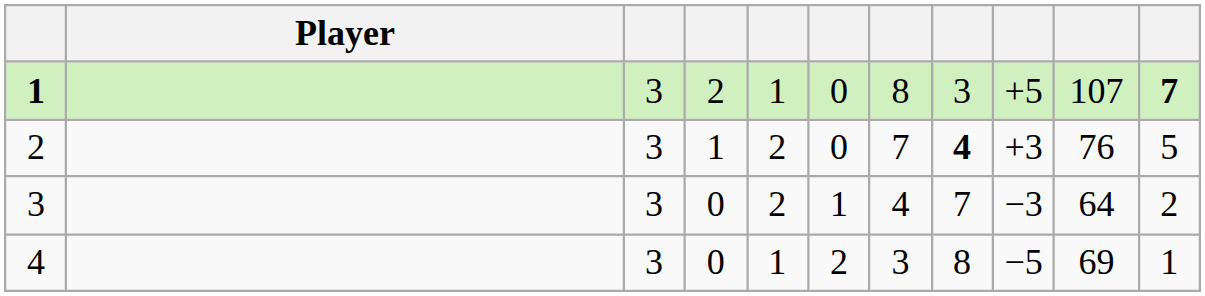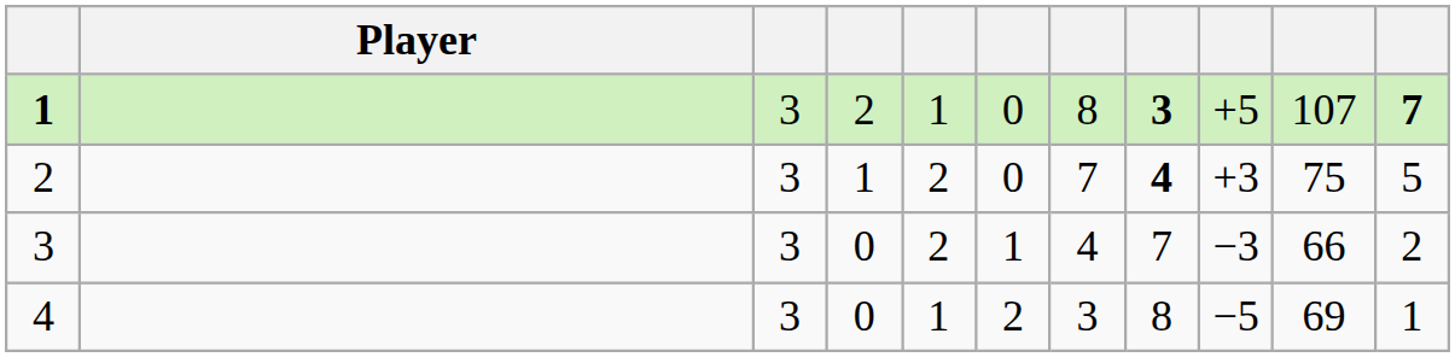 <table class="wikitable" style="text-align:center; margin: 1em auto 1em auto, align:left">
 <tr>
 <th width=20></th>
 <th width=240>Player</th>
 <th width=20></th>
 <th width=20></th>
 <th width=20></th>
 <th width=20></th>
 <th width=20></th>
 <th width=20></th>
 <th width=20></th>
 <th width=30></th>
 <th width=20></th>
 </tr>
 <tr style="background:#D0F0C0;">
 <td><strong>1</strong></td>
 <td align=left></td>
 <td>3</td>
 <td>2</td>
 <td>1</td>
 <td>0</td>
 <td>8</td>
-<td>3</td>
+<td><strong>3</strong></td>
 <td>+5</td>
 <td>107</td>
 <td><strong>7</strong></td>
 </tr>
 <tr style=>
 <td>2</td>
 <td align=left></td>
 <td>3</td>
 <td>1</td>
 <td>2</td>
 <td>0</td>
 <td>7</td>
 <td><strong>4</strong></td>
 <td>+3</td>
-<td>76</td>
+<td>75</td>
 <td>5</td>
 </tr>
 <tr style=>
 <td>3</td>
 <td align=left></td>
 <td>3</td>
 <td>0</td>
 <td>2</td>
 <td>1</td>
 <td>4</td>
 <td>7</td>
 <td>−3</td>
-<td>64</td>
+<td>66</td>
 <td>2</td>
 </tr>
 <tr style=>
 <td>4</td>
 <td align=left></td>
 <td>3</td>
 <td>0</td>
 <td>1</td>
 <td>2</td>
 <td>3</td>
 <td>8</td>
 <td>−5</td>
 <td>69</td>
 <td>1</td>
 </tr>
 </table>
